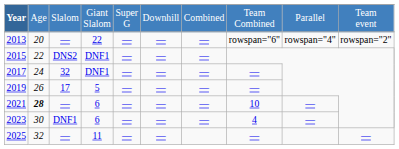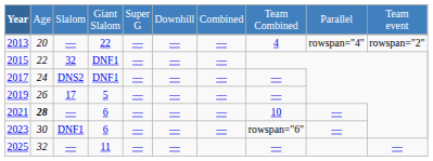 <table class="wikitable" style="font-size:95%; text-align:center; border:grey solid 1px; border-collapse:collapse;" width="30%">
 <tr style="background-color:#369; color:white;">
 <td rowspan="2" colspan="1" width="5%"><strong>Year</strong></td>
 </tr>
 <tr style="background-color:#4180be; color:white;">
 <td width="3%">Age</td>
 <td width="4%">Slalom</td>
 <td width="4%">Giant<br>Slalom</td>
 <td width="4%">Super G</td>
 <td width="4%">Downhill</td>
 <td width="4%">Combined</td>
 <td width="4%">Team<br>Combined</td>
 <td width="4%">Parallel</td>
 <td width="4%">Team<br> event </td>
 </tr>
 <tr style="background-color:#8CB2D8; color:white;">
 </tr>
 <tr>
 <td><a href='#'>2013</a></td>
 <td><em>20</em></td>
 <td><a href='#'>—</a></td>
 <td><a href='#'>22</a></td>
 <td><a href='#'>—</a></td>
 <td><a href='#'>—</a></td>
 <td><a href='#'>—</a></td>
-<td>rowspan="6" </td>
+<td><a href='#'>4</a></td>
 <td>rowspan="4" </td>
 <td>rowspan="2" </td>
 </tr>
 <tr>
 <td><a href='#'>2015</a></td>
 <td><em>22</em></td>
-<td><a href='#'>DNS2</a></td>
+<td><a href='#'>32</a></td>
 <td><a href='#'>DNF1</a></td>
 <td><a href='#'>—</a></td>
 <td><a href='#'>—</a></td>
 <td><a href='#'>—</a></td>
 </tr>
 <tr>
 <td><a href='#'>2017</a></td>
 <td><em>24</em></td>
-<td><a href='#'>32</a></td>
+<td><a href='#'>DNS2</a></td>
 <td><a href='#'>DNF1</a></td>
 <td><a href='#'>—</a></td>
 <td><a href='#'>—</a></td>
 <td><a href='#'>—</a></td>
 <td><a href='#'>—</a></td>
 </tr>
 <tr>
 <td><a href='#'>2019</a></td>
 <td><em>26</em></td>
 <td><a href='#'>17</a></td>
 <td><a href='#'>5</a></td>
 <td><a href='#'>—</a></td>
 <td><a href='#'>—</a></td>
 <td><a href='#'>—</a></td>
 <td><a href='#'>—</a></td>
 </tr>
 <tr>
 <td><a href='#'>2021</a></td>
 <td><strong><em>28</em></strong></td>
 <td><a href='#'>—</a></td>
 <td><a href='#'>6</a></td>
 <td><a href='#'>—</a></td>
 <td><a href='#'>—</a></td>
 <td><a href='#'>—</a></td>
 <td><a href='#'>10</a></td>
 <td><a href='#'>—</a></td>
 </tr>
 <tr>
 <td><a href='#'>2023</a></td>
 <td><em>30</em></td>
 <td><a href='#'>DNF1</a></td>
 <td><a href='#'>6</a></td>
 <td><a href='#'>—</a></td>
 <td><a href='#'>—</a></td>
 <td><a href='#'>—</a></td>
-<td><a href='#'>4</a></td>
+<td>rowspan="6" </td>
 <td><a href='#'>—</a></td>
 </tr>
 <tr>
 <td><a href='#'>2025</a></td>
 <td><em>32</em></td>
 <td><a href='#'>—</a></td>
 <td><a href='#'>11</a></td>
 <td><a href='#'>—</a></td>
 <td><a href='#'>—</a></td>
 <td></td>
 <td><a href='#'>—</a></td>
 <td></td>
 <td><a href='#'>—</a></td>
 </tr>
 </table>
